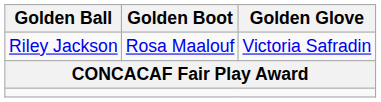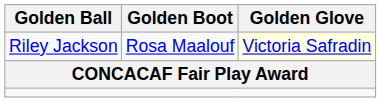 <table class="wikitable" style="margin:auto">
 <tr>
 <th>Golden Ball</th>
 <th>Golden Boot</th>
 <th>Golden Glove</th>
 </tr>
 <tr>
 <td> <a href='#'>Riley Jackson</a></td>
 <td> <a href='#'>Rosa Maalouf</a></td>
-<td> <a href='#'>Victoria Safradin</a></td>
+<td style="background: lightyellow;"> <a href='#'>Victoria Safradin</a></td>
 </tr>
 <tr>
 <th colspan="3">CONCACAF Fair Play Award</th>
 </tr>
 <tr>
 <td colspan="3" style="text-align:center;"></td>
 </tr>
 </table>
